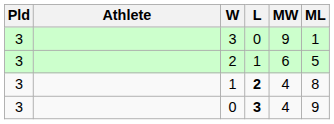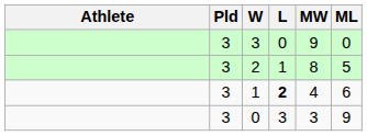 <table class="wikitable" style="text-align:center">
 <tr>
+<th width=200>Athlete</th>
 <th width=20>Pld</th>
-<th width=200>Athlete</th>
 <th width=20>W</th>
 <th width=20>L</th>
 <th width=20>MW</th>
 <th width=20>ML</th>
 </tr>
 <tr bgcolor="ccffcc">
+<td style="text-align:left"></td>
 <td>3</td>
+<td>3</td>
+<td>0</td>
+<td>9</td>
+<td>0</td>
+</tr>
+<tr bgcolor="ccffcc">
+<td style="text-align:left"></td>
+<td>3</td>
+<td>2</td>
+<td>1</td>
+<td>8</td>
+<td>5</td>
+</tr>
+<tr>
+<td style="text-align:left"></td>
+<td>3</td>
+<td>1</td>
+<td><strong>2</strong></td>
+<td>4</td>
+<td>6</td>
+</tr>
+<tr>
 <td style="text-align:left"></td>
 <td>3</td>
 <td>0</td>
-<td>9</td>
-<td>1</td>
-</tr>
-<tr bgcolor="ccffcc">
 <td>3</td>
-<td style="text-align:left"></td>
-<td>2</td>
-<td>1</td>
-<td>6</td>
-<td>5</td>
-</tr>
-<tr>
 <td>3</td>
-<td style="text-align:left"></td>
-<td>1</td>
-<td><strong>2</strong></td>
-<td>4</td>
-<td>8</td>
-</tr>
-<tr>
-<td>3</td>
-<td style="text-align:left"></td>
-<td>0</td>
-<td><strong>3</strong></td>
-<td>4</td>
 <td>9</td>
 </tr>
 </table>
